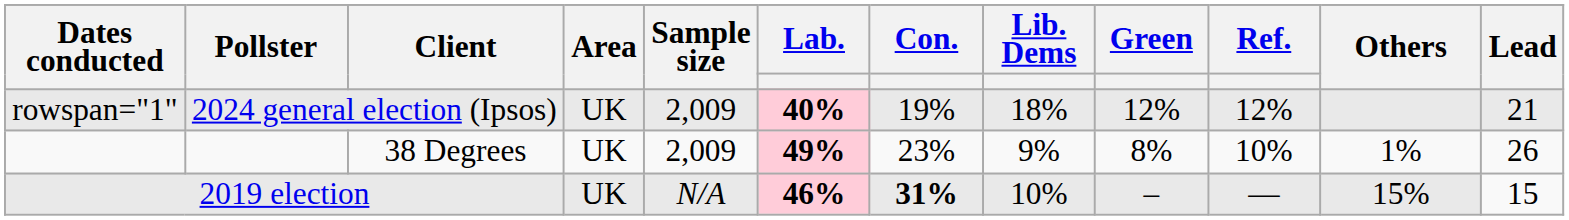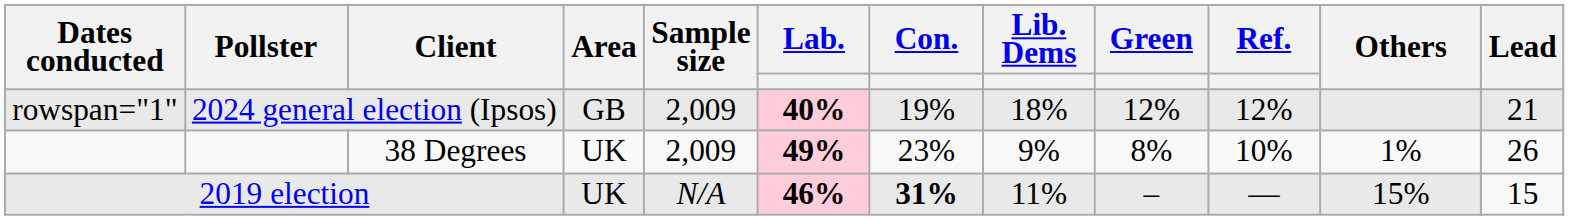 <table class="wikitable sortable mw-datatable" style="text-align:center;  line-height:14px;">
 <tr>
 <th rowspan="2">Dates<br>conducted</th>
 <th rowspan="2">Pollster</th>
 <th rowspan="2">Client</th>
 <th rowspan="2">Area</th>
 <th data-sort-type="number" rowspan="2">Sample<br>size</th>
 <th class="unsortable" style="width:50px;"><a href='#'>Lab.</a></th>
 <th class="unsortable" style="width:50px;"><a href='#'>Con.</a></th>
 <th class="unsortable" style="width:50px;"><a href='#'>Lib. Dems</a></th>
 <th class="unsortable" style="width:50px;"><a href='#'>Green</a></th>
 <th class="unsortable" style="width:50px;"><a href='#'>Ref.</a></th>
 <th rowspan="2" class="unsortable" style="width:75px;">Others</th>
 <th data-sort-type="number" rowspan="2">Lead</th>
 </tr>
 <tr>
 <th data-sort-type="number" style="background:"></th>
 <th data-sort-type="number" style="background:"></th>
 <th data-sort-type="number" style="background:"></th>
 <th data-sort-type="number" style="background:"></th>
 <th data-sort-type="number" style="background:"></th>
 </tr>
 <tr style="background:#e9e9e9;">
 <td>rowspan="1" </td>
 <td colspan="2"><a href='#'>2024 general election</a> (Ipsos)</td>
-<td>UK</td>
+<td>GB</td>
 <td>2,009</td>
 <td style="background:#FFCCD9;"><strong>40%</strong></td>
 <td>19%</td>
 <td>18%</td>
 <td>12%</td>
 <td>12%</td>
 <td></td>
 <td style="background:">21</td>
 </tr>
 <tr>
 <td></td>
 <td></td>
 <td>38 Degrees</td>
 <td>UK</td>
 <td>2,009</td>
 <td style="background:#FFCCD9;"><strong>49%</strong></td>
 <td>23%</td>
 <td>9%</td>
 <td>8%</td>
 <td>10%</td>
 <td>1%</td>
 <td style="background:">26</td>
 </tr>
 <tr>
 <td colspan="3" style="background:#e9e9e9;"><a href='#'>2019 election</a> </td>
 <td style="background:#E9E9E9;">UK</td>
 <td style="background:#E9E9E9;"><em>N/A</em></td>
 <td style="background:#FFCCD9;"><strong>46%</strong></td>
 <td style="background:#E9E9E9;"><strong>31%</strong></td>
-<td style="background:#E9E9E9;">10%</td>
+<td style="background:#E9E9E9;">11%</td>
 <td style="background:#E9E9E9;">–</td>
 <td style="background:#E9E9E9;">—</td>
 <td style="background:#E9E9E9;">15%</td>
 <td style="background:">15</td>
 </tr>
 </table>
